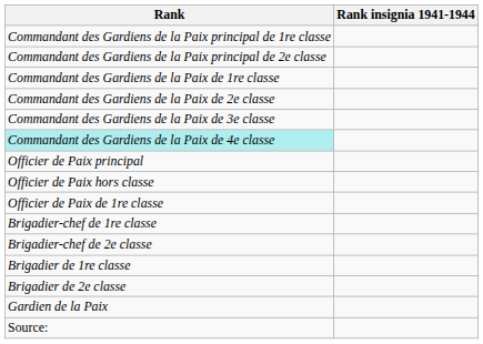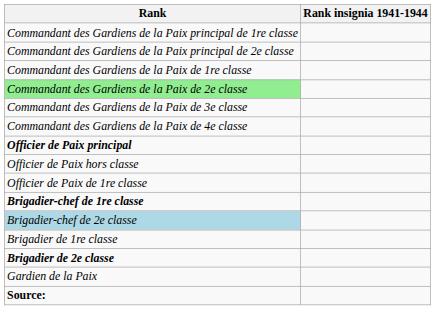 <table class="wikitable">
 <tr style="text-align:center;" bgcolor="F1F1F1">
 <th>Rank</th>
 <th>Rank insignia 1941-1944</th>
 </tr>
 <tr>
 <td><em>Commandant des Gardiens de la Paix principal de 1re classe</em></td>
 <td></td>
 </tr>
 <tr>
 <td><em>Commandant des Gardiens de la Paix principal de 2e classe</em></td>
 <td></td>
 </tr>
 <tr>
 <td><em>Commandant des Gardiens de la Paix de 1re classe</em></td>
 <td></td>
 </tr>
 <tr>
-<td><em>Commandant des Gardiens de la Paix de 2e classe</em></td>
+<td style="background: lightgreen;"><em>Commandant des Gardiens de la Paix de 2e classe</em></td>
 <td></td>
 </tr>
 <tr>
 <td><em>Commandant des Gardiens de la Paix de 3e classe</em></td>
 <td></td>
 </tr>
 <tr>
-<td style="background: paleturquoise;"><em>Commandant des Gardiens de la Paix de 4e classe</em></td>
+<td><em>Commandant des Gardiens de la Paix de 4e classe</em></td>
 <td></td>
 </tr>
 <tr>
-<td><em>Officier de Paix principal</em></td>
+<td><strong><em>Officier de Paix principal</em></strong></td>
 <td></td>
 </tr>
 <tr>
 <td><em>Officier de Paix hors classe</em></td>
 <td></td>
 </tr>
 <tr>
 <td><em>Officier de Paix de 1re classe</em></td>
 <td></td>
 </tr>
 <tr>
-<td><em>Brigadier-chef de 1re classe</em></td>
+<td><strong><em>Brigadier-chef de 1re classe</em></strong></td>
 <td></td>
 </tr>
 <tr>
-<td><em>Brigadier-chef de 2e classe</em></td>
+<td style="background: lightblue;"><em>Brigadier-chef de 2e classe</em></td>
 <td></td>
 </tr>
 <tr>
 <td><em>Brigadier de 1re classe</em></td>
 <td></td>
 </tr>
 <tr>
-<td><em>Brigadier de 2e classe</em></td>
+<td><strong><em>Brigadier de 2e classe</em></strong></td>
 <td></td>
 </tr>
 <tr>
 <td><em>Gardien de la Paix</em></td>
 <td></td>
 </tr>
 <tr>
-<td>Source:</td>
+<td><strong>Source:</strong></td>
 <td colspan=2></td>
 </tr>
 </table>
